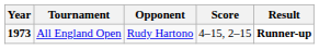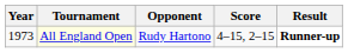 <table class="sortable wikitable" style="font-size: 90%;">
 <tr>
 <th>Year</th>
 <th>Tournament</th>
 <th>Opponent</th>
 <th>Score</th>
 <th>Result</th>
 </tr>
 <tr>
-<td align="center"><strong>1973</strong></td>
-<td align="left"><a href='#'>All England Open</a></td>
+<td align="center">1973</td>
+<td align="left" style="background: lightyellow;"><a href='#'>All England Open</a></td>
 <td align="left"> <a href='#'>Rudy Hartono</a></td>
 <td align="left">4–15, 2–15</td>
 <td style="text-align:left; background:white"> <strong>Runner-up</strong></td>
 </tr>
 </table>
